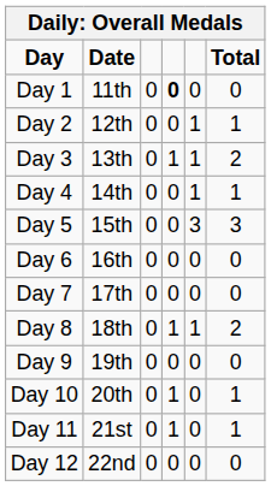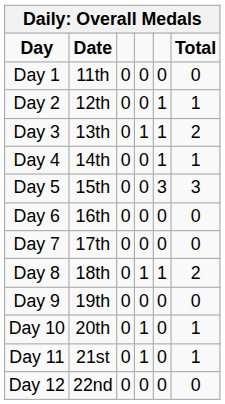 <table class="wikitable" style="font-size:100%" align="left">
 <tr bgcolor="#efefef">
 <th colspan=10><strong>Daily: Overall Medals</strong></th>
 </tr>
 <tr style="text-align:center;">
 <td><strong>Day</strong></td>
 <td><strong>Date</strong></td>
 <td></td>
 <td></td>
 <td></td>
 <td><strong>Total</strong></td>
 </tr>
 <tr style="text-align:center;">
 <td>Day 1</td>
 <td>11th</td>
 <td>0</td>
-<td><strong>0</strong></td>
+<td>0</td>
 <td>0</td>
 <td>0</td>
 </tr>
 <tr style="text-align:center;">
 <td>Day 2</td>
 <td>12th</td>
 <td>0</td>
 <td>0</td>
 <td>1</td>
 <td>1</td>
 </tr>
 <tr style="text-align:center;">
 <td>Day 3</td>
 <td>13th</td>
 <td>0</td>
 <td>1</td>
 <td>1</td>
 <td>2</td>
 </tr>
 <tr style="text-align:center;">
 <td>Day 4</td>
 <td>14th</td>
 <td>0</td>
 <td>0</td>
 <td>1</td>
 <td>1</td>
 </tr>
 <tr style="text-align:center;">
 <td>Day 5</td>
 <td>15th</td>
 <td>0</td>
 <td>0</td>
 <td>3</td>
 <td>3</td>
 </tr>
 <tr style="text-align:center;">
 <td>Day 6</td>
 <td>16th</td>
 <td>0</td>
 <td>0</td>
 <td>0</td>
 <td>0</td>
 </tr>
 <tr style="text-align:center;">
 <td>Day 7</td>
 <td>17th</td>
 <td>0</td>
 <td>0</td>
 <td>0</td>
 <td>0</td>
 </tr>
 <tr style="text-align:center;">
 <td>Day 8</td>
 <td>18th</td>
 <td>0</td>
 <td>1</td>
 <td>1</td>
 <td>2</td>
 </tr>
 <tr style="text-align:center;">
 <td>Day 9</td>
 <td>19th</td>
 <td>0</td>
 <td>0</td>
 <td>0</td>
 <td>0</td>
 </tr>
 <tr style="text-align:center;">
 <td>Day 10</td>
 <td>20th</td>
 <td>0</td>
 <td>1</td>
 <td>0</td>
 <td>1</td>
 </tr>
 <tr style="text-align:center;">
 <td>Day 11</td>
 <td>21st</td>
 <td>0</td>
 <td>1</td>
 <td>0</td>
 <td>1</td>
 </tr>
 <tr style="text-align:center;">
 <td>Day 12</td>
 <td>22nd</td>
 <td>0</td>
 <td>0</td>
 <td>0</td>
 <td>0</td>
 </tr>
 </table>
